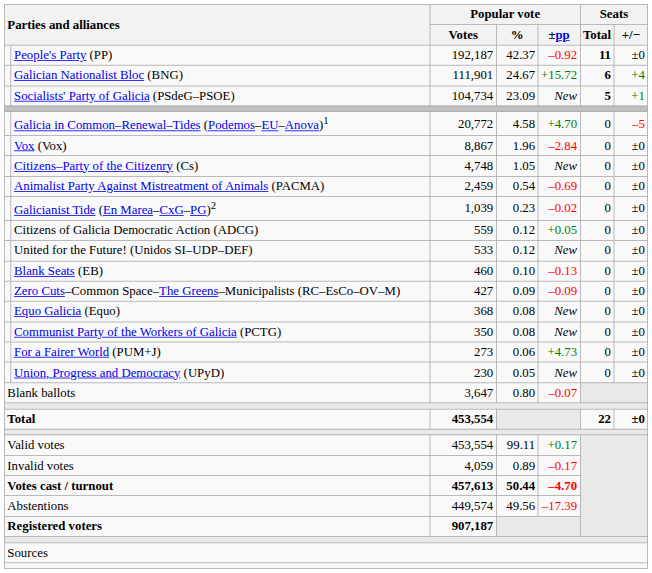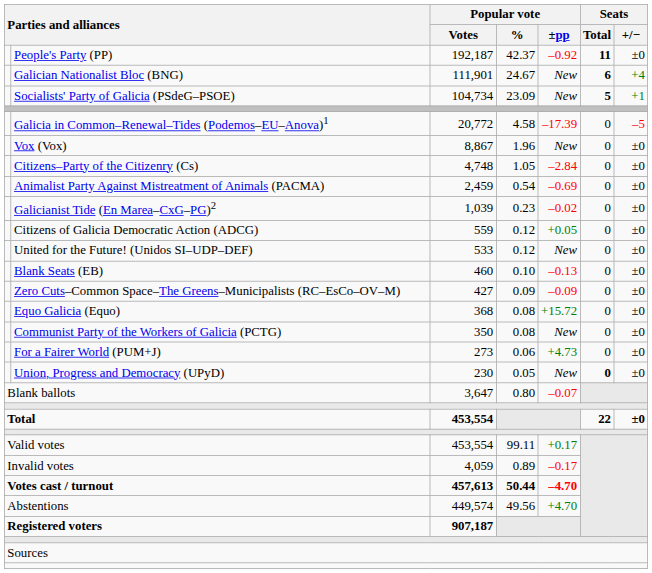 <table class="wikitable" style="text-align:right;">
 <tr>
 <th style="text-align:left;" rowspan="2" colspan="2" width="525">Parties and alliances</th>
 <th colspan="3">Popular vote</th>
 <th colspan="2">Seats</th>
 </tr>
 <tr>
 <th width="75">Votes</th>
 <th width="45">%</th>
 <th width="45">±<a href='#'>pp</a></th>
 <th width="35">Total</th>
 <th width="35">+/−</th>
 </tr>
 <tr>
 <td width="1" style="color:inherit;background:"></td>
 <td align="left"><a href='#'>People's Party</a> (PP)</td>
 <td>192,187</td>
 <td>42.37</td>
 <td style="color:red;">–0.92</td>
 <td><strong>11</strong></td>
 <td>±0</td>
 </tr>
 <tr>
 <td style="color:inherit;background:"></td>
 <td align="left"><a href='#'>Galician Nationalist Bloc</a> (BNG)</td>
 <td>111,901</td>
 <td>24.67</td>
-<td style="color:green;">+15.72</td>
+<td><em>New</em></td>
 <td><strong>6</strong></td>
 <td style="color:green;">+4</td>
 </tr>
 <tr>
 <td style="color:inherit;background:"></td>
 <td align="left"><a href='#'>Socialists' Party of Galicia</a> (PSdeG–PSOE)</td>
 <td>104,734</td>
 <td>23.09</td>
 <td><em>New</em></td>
 <td><strong>5</strong></td>
 <td style="color:green;">+1</td>
 </tr>
 <tr>
 <td colspan="7" bgcolor="#C0C0C0"></td>
 </tr>
 <tr>
 <td style="color:inherit;background:"></td>
 <td align="left"><a href='#'>Galicia in Common–Renewal–Tides</a> (<a href='#'>Podemos</a>–<a href='#'>EU</a>–<a href='#'>Anova</a>)<sup>1</sup></td>
 <td>20,772</td>
 <td>4.58</td>
-<td style="color:green;">+4.70</td>
+<td style="color:red;">–17.39</td>
 <td>0</td>
 <td style="color:red;">–5</td>
 </tr>
 <tr>
 <td style="color:inherit;background:"></td>
 <td align="left"><a href='#'>Vox</a> (Vox)</td>
 <td>8,867</td>
 <td>1.96</td>
-<td style="color:red;">–2.84</td>
+<td><em>New</em></td>
 <td>0</td>
 <td>±0</td>
 </tr>
 <tr>
 <td style="color:inherit;background:"></td>
 <td align="left"><a href='#'>Citizens–Party of the Citizenry</a> (Cs)</td>
 <td>4,748</td>
 <td>1.05</td>
-<td><em>New</em></td>
+<td style="color:red;">–2.84</td>
 <td>0</td>
 <td>±0</td>
 </tr>
 <tr>
 <td style="color:inherit;background:"></td>
 <td align="left"><a href='#'>Animalist Party Against Mistreatment of Animals</a> (PACMA)</td>
 <td>2,459</td>
 <td>0.54</td>
 <td style="color:red;">–0.69</td>
 <td>0</td>
 <td>±0</td>
 </tr>
 <tr>
 <td style="color:inherit;background:"></td>
 <td align="left"><a href='#'>Galicianist Tide</a> (<a href='#'>En Marea</a>–<a href='#'>CxG</a>–<a href='#'>PG</a>)<sup>2</sup></td>
 <td>1,039</td>
 <td>0.23</td>
 <td style="color:red;">–0.02</td>
 <td>0</td>
 <td>±0</td>
 </tr>
 <tr>
 <td style="color:inherit;background:"></td>
 <td align="left">Citizens of Galicia Democratic Action (ADCG)</td>
 <td>559</td>
 <td>0.12</td>
 <td style="color:green;">+0.05</td>
 <td>0</td>
 <td>±0</td>
 </tr>
 <tr>
 <td style="color:inherit;background:"></td>
 <td align="left">United for the Future! (Unidos SI–UDP–DEF)</td>
 <td>533</td>
 <td>0.12</td>
 <td><em>New</em></td>
 <td>0</td>
 <td>±0</td>
 </tr>
 <tr>
 <td style="color:inherit;background:"></td>
 <td align="left"><a href='#'>Blank Seats</a> (EB)</td>
 <td>460</td>
 <td>0.10</td>
 <td style="color:red;">–0.13</td>
 <td>0</td>
 <td>±0</td>
 </tr>
 <tr>
 <td style="color:inherit;background:"></td>
 <td align="left"><a href='#'>Zero Cuts</a>–Common Space–<a href='#'>The Greens</a>–Municipalists (RC–EsCo–OV–M)</td>
 <td>427</td>
 <td>0.09</td>
 <td style="color:red;">–0.09</td>
 <td>0</td>
 <td>±0</td>
 </tr>
 <tr>
 <td style="color:inherit;background:"></td>
 <td align="left"><a href='#'>Equo Galicia</a> (Equo)</td>
 <td>368</td>
 <td>0.08</td>
-<td><em>New</em></td>
+<td style="color:green;">+15.72</td>
 <td>0</td>
 <td>±0</td>
 </tr>
 <tr>
 <td style="color:inherit;background:"></td>
 <td align="left"><a href='#'>Communist Party of the Workers of Galicia</a> (PCTG)</td>
 <td>350</td>
 <td>0.08</td>
 <td><em>New</em></td>
 <td>0</td>
 <td>±0</td>
 </tr>
 <tr>
 <td style="color:inherit;background:"></td>
 <td align="left"><a href='#'>For a Fairer World</a> (PUM+J)</td>
 <td>273</td>
 <td>0.06</td>
 <td style="color:green;">+4.73</td>
 <td>0</td>
 <td>±0</td>
 </tr>
 <tr>
 <td style="color:inherit;background:"></td>
 <td align="left"><a href='#'>Union, Progress and Democracy</a> (UPyD)</td>
 <td>230</td>
 <td>0.05</td>
 <td><em>New</em></td>
-<td>0</td>
+<td><strong>0</strong></td>
 <td>±0</td>
 </tr>
 <tr>
 <td align="left" colspan="2">Blank ballots</td>
 <td>3,647</td>
 <td>0.80</td>
 <td style="color:red;">–0.07</td>
 <td bgcolor="#E9E9E9" colspan="2"></td>
 </tr>
 <tr>
 <td colspan="7" bgcolor="#E9E9E9"></td>
 </tr>
 <tr style="font-weight:bold;">
 <td align="left" colspan="2">Total</td>
 <td>453,554</td>
 <td bgcolor="#E9E9E9" colspan="2"></td>
 <td>22</td>
 <td>±0</td>
 </tr>
 <tr>
 <td colspan="7" bgcolor="#E9E9E9"></td>
 </tr>
 <tr>
 <td align="left" colspan="2">Valid votes</td>
 <td>453,554</td>
 <td>99.11</td>
 <td style="color:green;">+0.17</td>
 <td bgcolor="#E9E9E9" colspan="2" rowspan="5"></td>
 </tr>
 <tr>
 <td align="left" colspan="2">Invalid votes</td>
 <td>4,059</td>
 <td>0.89</td>
 <td style="color:red;">–0.17</td>
 </tr>
 <tr style="font-weight:bold;">
 <td align="left" colspan="2">Votes cast / turnout</td>
 <td>457,613</td>
 <td>50.44</td>
 <td style="color:red;">–4.70</td>
 </tr>
 <tr>
 <td align="left" colspan="2">Abstentions</td>
 <td>449,574</td>
 <td>49.56</td>
-<td style="color:red;">–17.39</td>
+<td style="color:green;">+4.70</td>
 </tr>
 <tr style="font-weight:bold;">
 <td align="left" colspan="2">Registered voters</td>
 <td>907,187</td>
 <td bgcolor="#E9E9E9" colspan="2"></td>
 </tr>
 <tr>
 <td colspan="7" bgcolor="#E9E9E9"></td>
 </tr>
 <tr>
 <td align="left" colspan="7">Sources</td>
 </tr>
 <tr>
 <td colspan="7" style="text-align:left; max-width:790px;"></td>
 </tr>
 </table>
